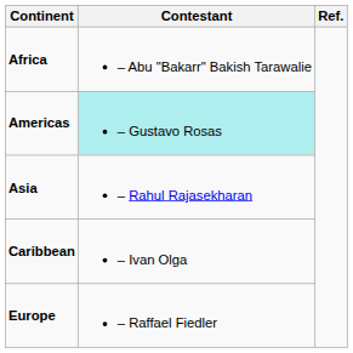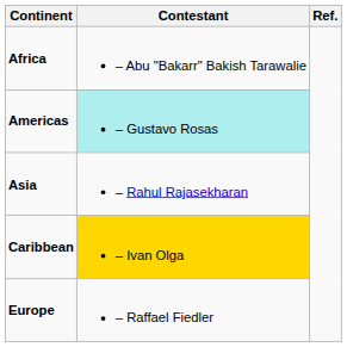 <table class="wikitable sortable" style="font-size:95%;">
 <tr>
 <th>Continent</th>
 <th>Contestant</th>
 <th>Ref.</th>
 </tr>
 <tr>
 <td><strong>Africa</strong></td>
 <td><br><ul><li><strong></strong> – Abu "Bakarr" Bakish Tarawalie</li></ul></td>
 <td rowspan="5"></td>
 </tr>
 <tr>
 <td><strong>Americas</strong></td>
 <td style="background: paleturquoise;"><br><ul><li><strong></strong> – Gustavo Rosas</li></ul></td>
 </tr>
 <tr>
 <td><strong>Asia</strong></td>
 <td><br><ul><li><strong></strong> – <a href='#'>Rahul Rajasekharan</a></li></ul></td>
 </tr>
 <tr>
 <td><strong>Caribbean</strong></td>
-<td><br><ul><li><strong></strong> – Ivan Olga</li></ul></td>
+<td style="background: gold;"><br><ul><li><strong></strong> – Ivan Olga</li></ul></td>
 </tr>
 <tr>
 <td><strong>Europe</strong></td>
 <td><br><ul><li><strong></strong> – Raffael Fiedler</li></ul></td>
 </tr>
 </table>
